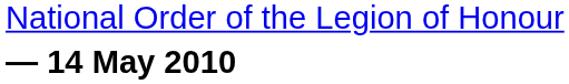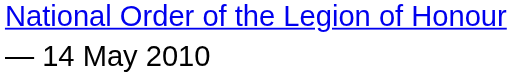 <table>
 <tr>
 <td rowspan=2 style="width:60px; vertical-align:top;"></td>
 <td><a href='#'>National Order of the Legion of Honour</a></td>
 </tr>
 <tr>
-<td><strong>— 14 May 2010</strong></td>
+<td>— 14 May 2010</td>
 </tr>
 </table>
